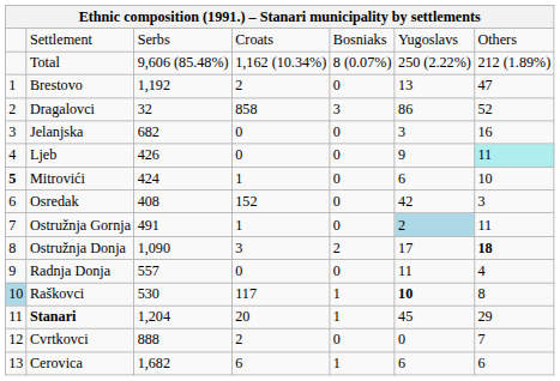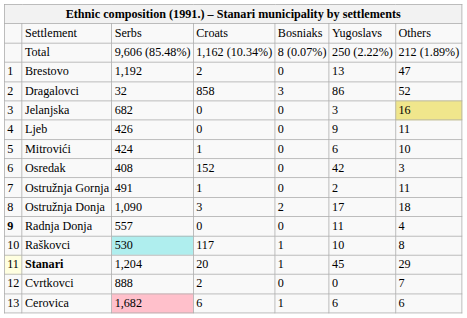 <table class="wikitable">
 <tr>
 <th colspan="7">Ethnic composition (1991.) – Stanari municipality by settlements</th>
 </tr>
 <tr>
 <td></td>
 <td>Settlement</td>
 <td>Serbs</td>
 <td>Croats</td>
 <td>Bosniaks</td>
 <td>Yugoslavs</td>
 <td>Others</td>
 </tr>
 <tr>
 <td></td>
 <td>Total</td>
 <td>9,606 (85.48%)</td>
 <td>1,162 (10.34%)</td>
 <td>8 (0.07%)</td>
 <td>250 (2.22%)</td>
 <td>212 (1.89%)</td>
 </tr>
 <tr>
 <td>1</td>
 <td>Brestovo</td>
 <td>1,192</td>
 <td>2</td>
 <td>0</td>
 <td>13</td>
 <td>47</td>
 </tr>
 <tr>
 <td>2</td>
 <td>Dragalovci</td>
 <td>32</td>
 <td>858</td>
 <td>3</td>
 <td>86</td>
 <td>52</td>
 </tr>
 <tr>
 <td>3</td>
 <td>Jelanjska</td>
 <td>682</td>
 <td>0</td>
 <td>0</td>
 <td>3</td>
-<td>16</td>
+<td style="background: khaki;">16</td>
 </tr>
 <tr>
 <td>4</td>
 <td>Ljeb</td>
 <td>426</td>
 <td>0</td>
 <td>0</td>
 <td>9</td>
-<td style="background: paleturquoise;">11</td>
+<td>11</td>
 </tr>
 <tr>
-<td><strong>5</strong></td>
+<td>5</td>
 <td>Mitrovići</td>
 <td>424</td>
 <td>1</td>
 <td>0</td>
 <td>6</td>
 <td>10</td>
 </tr>
 <tr>
 <td>6</td>
 <td>Osredak</td>
 <td>408</td>
 <td>152</td>
 <td>0</td>
 <td>42</td>
 <td>3</td>
 </tr>
 <tr>
 <td>7</td>
 <td>Ostružnja Gornja</td>
 <td>491</td>
 <td>1</td>
 <td>0</td>
-<td style="background: lightblue;">2</td>
+<td>2</td>
 <td>11</td>
 </tr>
 <tr>
 <td>8</td>
 <td>Ostružnja Donja</td>
 <td>1,090</td>
 <td>3</td>
 <td>2</td>
 <td>17</td>
-<td><strong>18</strong></td>
+<td>18</td>
 </tr>
 <tr>
-<td>9</td>
+<td><strong>9</strong></td>
 <td>Radnja Donja</td>
 <td>557</td>
 <td>0</td>
 <td>0</td>
 <td>11</td>
 <td>4</td>
 </tr>
 <tr>
-<td style="background: lightblue;">10</td>
+<td>10</td>
 <td>Raškovci</td>
-<td>530</td>
+<td style="background: paleturquoise;">530</td>
 <td>117</td>
 <td>1</td>
-<td><strong>10</strong></td>
+<td>10</td>
 <td>8</td>
 </tr>
 <tr>
-<td>11</td>
+<td style="background: lightyellow;">11</td>
 <td><strong>Stanari</strong></td>
 <td>1,204</td>
 <td>20</td>
 <td>1</td>
 <td>45</td>
 <td>29</td>
 </tr>
 <tr>
 <td>12</td>
 <td>Cvrtkovci</td>
 <td>888</td>
 <td>2</td>
 <td>0</td>
 <td>0</td>
 <td>7</td>
 </tr>
 <tr>
 <td>13</td>
 <td>Cerovica</td>
-<td>1,682</td>
+<td style="background: pink;">1,682</td>
 <td>6</td>
 <td>1</td>
 <td>6</td>
 <td>6</td>
 </tr>
 </table>
